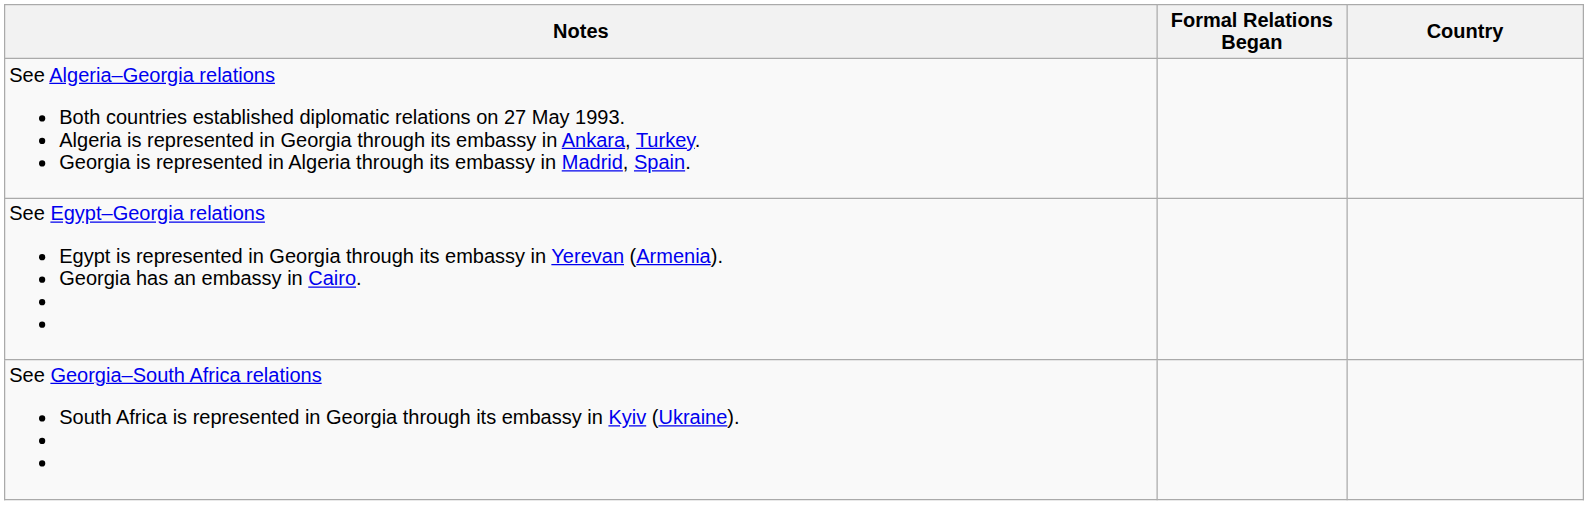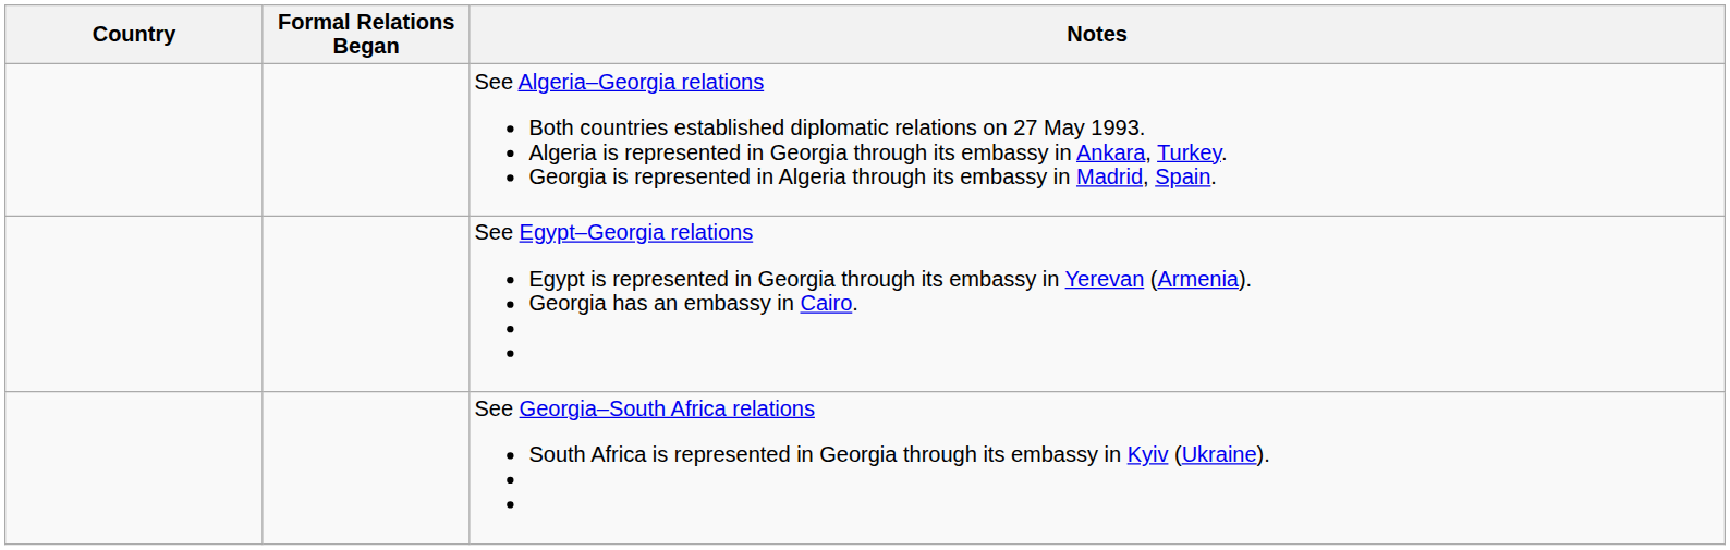 <table class="wikitable sortable" border="1" style="width:100%; margin:auto;">
 <tr>
+<th width="15%">Country</th>
+<th width="12%">Formal Relations Began</th>
 <th>Notes</th>
-<th width="12%">Formal Relations Began</th>
-<th width="15%">Country</th>
 </tr>
 <tr -valign="top">
-<td>See <a href='#'>Algeria–Georgia relations</a><br><ul><li>Both countries established diplomatic relations on 27 May 1993.</li><li>Algeria is represented in Georgia through its embassy in <a href='#'>Ankara</a>, <a href='#'>Turkey</a>.</li><li>Georgia is represented in Algeria through its embassy in <a href='#'>Madrid</a>, <a href='#'>Spain</a>.</li></ul></td>
 <td></td>
 <td></td>
+<td>See <a href='#'>Algeria–Georgia relations</a><br><ul><li>Both countries established diplomatic relations on 27 May 1993.</li><li>Algeria is represented in Georgia through its embassy in <a href='#'>Ankara</a>, <a href='#'>Turkey</a>.</li><li>Georgia is represented in Algeria through its embassy in <a href='#'>Madrid</a>, <a href='#'>Spain</a>.</li></ul></td>
 </tr>
 <tr -valign="top">
-<td>See <a href='#'>Egypt–Georgia relations</a><br><ul><li>Egypt is represented in Georgia through its embassy in <a href='#'>Yerevan</a> (<a href='#'>Armenia</a>).</li><li>Georgia has an embassy in <a href='#'>Cairo</a>.</li><li></li><li></li></ul></td>
 <td></td>
 <td></td>
+<td>See <a href='#'>Egypt–Georgia relations</a><br><ul><li>Egypt is represented in Georgia through its embassy in <a href='#'>Yerevan</a> (<a href='#'>Armenia</a>).</li><li>Georgia has an embassy in <a href='#'>Cairo</a>.</li><li></li><li></li></ul></td>
 </tr>
 <tr -valign="top">
-<td>See <a href='#'>Georgia–South Africa relations</a><br><ul><li>South Africa is represented in Georgia through its embassy in <a href='#'>Kyiv</a> (<a href='#'>Ukraine</a>).</li><li></li><li></li></ul></td>
 <td></td>
 <td></td>
+<td>See <a href='#'>Georgia–South Africa relations</a><br><ul><li>South Africa is represented in Georgia through its embassy in <a href='#'>Kyiv</a> (<a href='#'>Ukraine</a>).</li><li></li><li></li></ul></td>
 </tr>
 </table>
